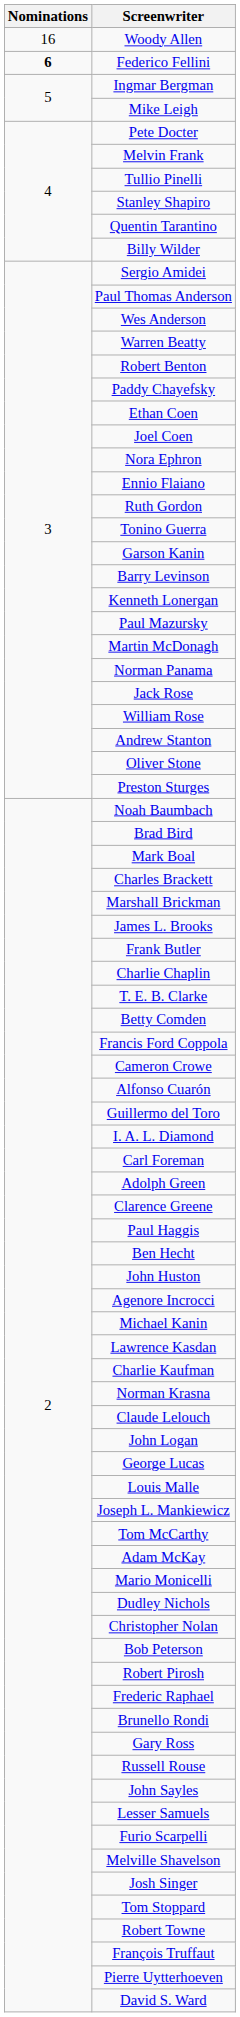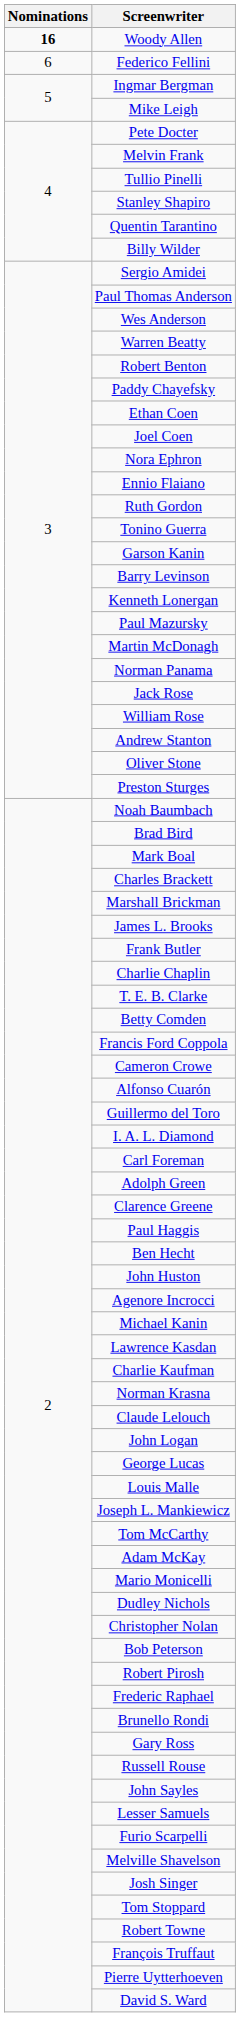 <table class="wikitable" style="text-align: center;">
 <tr>
 <th scope="col" width="56">Nominations</th>
 <th scope="col" align="center">Screenwriter</th>
 </tr>
 <tr>
-<td rowspan="1" style="text-align:center;">16</td>
+<td rowspan="1" style="text-align:center;"><strong>16</strong></td>
 <td><a href='#'>Woody Allen</a></td>
 </tr>
 <tr>
-<td rowspan="1" style="text-align:center;"><strong>6</strong></td>
+<td rowspan="1" style="text-align:center;">6</td>
 <td><a href='#'>Federico Fellini</a></td>
 </tr>
 <tr>
 <td rowspan="2" style="text-align:center;">5</td>
 <td><a href='#'>Ingmar Bergman</a></td>
 </tr>
 <tr>
 <td><a href='#'>Mike Leigh</a></td>
 </tr>
 <tr>
 <td rowspan="6" style="text-align:center;">4</td>
 <td><a href='#'>Pete Docter</a></td>
 </tr>
 <tr>
 <td><a href='#'>Melvin Frank</a></td>
 </tr>
 <tr>
 <td><a href='#'>Tullio Pinelli</a></td>
 </tr>
 <tr>
 <td><a href='#'>Stanley Shapiro</a></td>
 </tr>
 <tr>
 <td><a href='#'>Quentin Tarantino</a></td>
 </tr>
 <tr>
 <td><a href='#'>Billy Wilder</a></td>
 </tr>
 <tr>
 <td rowspan="23" style="text-align:center;">3</td>
 <td><a href='#'>Sergio Amidei</a></td>
 </tr>
 <tr>
 <td><a href='#'>Paul Thomas Anderson</a></td>
 </tr>
 <tr>
 <td><a href='#'>Wes Anderson</a></td>
 </tr>
 <tr>
 <td><a href='#'>Warren Beatty</a></td>
 </tr>
 <tr>
 <td><a href='#'>Robert Benton</a></td>
 </tr>
 <tr>
 <td><a href='#'>Paddy Chayefsky</a></td>
 </tr>
 <tr>
 <td><a href='#'>Ethan Coen</a></td>
 </tr>
 <tr>
 <td><a href='#'>Joel Coen</a></td>
 </tr>
 <tr>
 <td><a href='#'>Nora Ephron</a></td>
 </tr>
 <tr>
 <td><a href='#'>Ennio Flaiano</a></td>
 </tr>
 <tr>
 <td><a href='#'>Ruth Gordon</a></td>
 </tr>
 <tr>
 <td><a href='#'>Tonino Guerra</a></td>
 </tr>
 <tr>
 <td><a href='#'>Garson Kanin</a></td>
 </tr>
 <tr>
 <td><a href='#'>Barry Levinson</a></td>
 </tr>
 <tr>
 <td><a href='#'>Kenneth Lonergan</a></td>
 </tr>
 <tr>
 <td><a href='#'>Paul Mazursky</a></td>
 </tr>
 <tr>
 <td><a href='#'>Martin McDonagh</a></td>
 </tr>
 <tr>
 <td><a href='#'>Norman Panama</a></td>
 </tr>
 <tr>
 <td><a href='#'>Jack Rose</a></td>
 </tr>
 <tr>
 <td><a href='#'>William Rose</a></td>
 </tr>
 <tr>
 <td><a href='#'>Andrew Stanton</a></td>
 </tr>
 <tr>
 <td><a href='#'>Oliver Stone</a></td>
 </tr>
 <tr>
 <td><a href='#'>Preston Sturges</a></td>
 </tr>
 <tr>
 <td rowspan="52" style="text-align:center;">2</td>
 <td><a href='#'>Noah Baumbach</a></td>
 </tr>
 <tr>
 <td><a href='#'>Brad Bird</a></td>
 </tr>
 <tr>
 <td><a href='#'>Mark Boal</a></td>
 </tr>
 <tr>
 <td><a href='#'>Charles Brackett</a></td>
 </tr>
 <tr>
 <td><a href='#'>Marshall Brickman</a></td>
 </tr>
 <tr>
 <td><a href='#'>James L. Brooks</a></td>
 </tr>
 <tr>
 <td><a href='#'>Frank Butler</a></td>
 </tr>
 <tr>
 <td><a href='#'>Charlie Chaplin</a></td>
 </tr>
 <tr>
 <td><a href='#'>T. E. B. Clarke</a></td>
 </tr>
 <tr>
 <td><a href='#'>Betty Comden</a></td>
 </tr>
 <tr>
 <td><a href='#'>Francis Ford Coppola</a></td>
 </tr>
 <tr>
 <td><a href='#'>Cameron Crowe</a></td>
 </tr>
 <tr>
 <td><a href='#'>Alfonso Cuarón</a></td>
 </tr>
 <tr>
 <td><a href='#'>Guillermo del Toro</a></td>
 </tr>
 <tr>
 <td><a href='#'>I. A. L. Diamond</a></td>
 </tr>
 <tr>
 <td><a href='#'>Carl Foreman</a></td>
 </tr>
 <tr>
 <td><a href='#'>Adolph Green</a></td>
 </tr>
 <tr>
 <td><a href='#'>Clarence Greene</a></td>
 </tr>
 <tr>
 <td><a href='#'>Paul Haggis</a></td>
 </tr>
 <tr>
 <td><a href='#'>Ben Hecht</a></td>
 </tr>
 <tr>
 <td><a href='#'>John Huston</a></td>
 </tr>
 <tr>
 <td><a href='#'>Agenore Incrocci</a></td>
 </tr>
 <tr>
 <td><a href='#'>Michael Kanin</a></td>
 </tr>
 <tr>
 <td><a href='#'>Lawrence Kasdan</a></td>
 </tr>
 <tr>
 <td><a href='#'>Charlie Kaufman</a></td>
 </tr>
 <tr>
 <td><a href='#'>Norman Krasna</a></td>
 </tr>
 <tr>
 <td><a href='#'>Claude Lelouch</a></td>
 </tr>
 <tr>
 <td><a href='#'>John Logan</a></td>
 </tr>
 <tr>
 <td><a href='#'>George Lucas</a></td>
 </tr>
 <tr>
 <td><a href='#'>Louis Malle</a></td>
 </tr>
 <tr>
 <td><a href='#'>Joseph L. Mankiewicz</a></td>
 </tr>
 <tr>
 <td><a href='#'>Tom McCarthy</a></td>
 </tr>
 <tr>
 <td><a href='#'>Adam McKay</a></td>
 </tr>
 <tr>
 <td><a href='#'>Mario Monicelli</a></td>
 </tr>
 <tr>
 <td><a href='#'>Dudley Nichols</a></td>
 </tr>
 <tr>
 <td><a href='#'>Christopher Nolan</a></td>
 </tr>
 <tr>
 <td><a href='#'>Bob Peterson</a></td>
 </tr>
 <tr>
 <td><a href='#'>Robert Pirosh</a></td>
 </tr>
 <tr>
 <td><a href='#'>Frederic Raphael</a></td>
 </tr>
 <tr>
 <td><a href='#'>Brunello Rondi</a></td>
 </tr>
 <tr>
 <td><a href='#'>Gary Ross</a></td>
 </tr>
 <tr>
 <td><a href='#'>Russell Rouse</a></td>
 </tr>
 <tr>
 <td><a href='#'>John Sayles</a></td>
 </tr>
 <tr>
 <td><a href='#'>Lesser Samuels</a></td>
 </tr>
 <tr>
 <td><a href='#'>Furio Scarpelli</a></td>
 </tr>
 <tr>
 <td><a href='#'>Melville Shavelson</a></td>
 </tr>
 <tr>
 <td><a href='#'>Josh Singer</a></td>
 </tr>
 <tr>
 <td><a href='#'>Tom Stoppard</a></td>
 </tr>
 <tr>
 <td><a href='#'>Robert Towne</a></td>
 </tr>
 <tr>
 <td><a href='#'>François Truffaut</a></td>
 </tr>
 <tr>
 <td><a href='#'>Pierre Uytterhoeven</a></td>
 </tr>
 <tr>
 <td><a href='#'>David S. Ward</a></td>
 </tr>
 </table>
